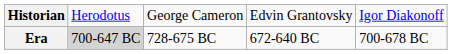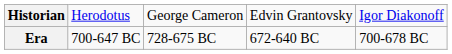 <table class="wikitable">
 <tr>
 <th>Historian</th>
 <td><a href='#'>Herodotus</a></td>
 <td>George Cameron</td>
 <td>Edvin Grantovsky</td>
 <td><a href='#'>Igor Diakonoff</a></td>
 </tr>
 <tr>
 <th>Era</th>
-<td style="background: lightgrey;">700-647 BC</td>
+<td>700-647 BC</td>
 <td>728-675 BC</td>
 <td>672-640 BC</td>
 <td>700-678 BC</td>
 </tr>
 </table>
